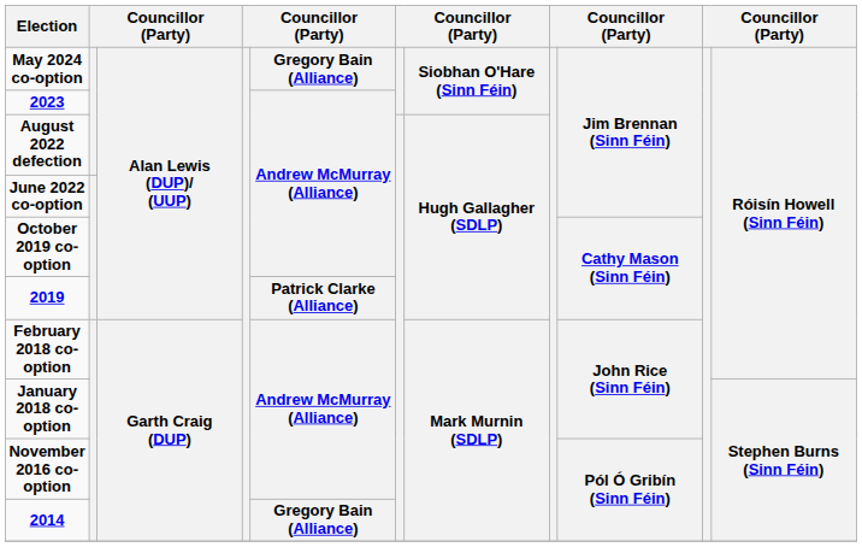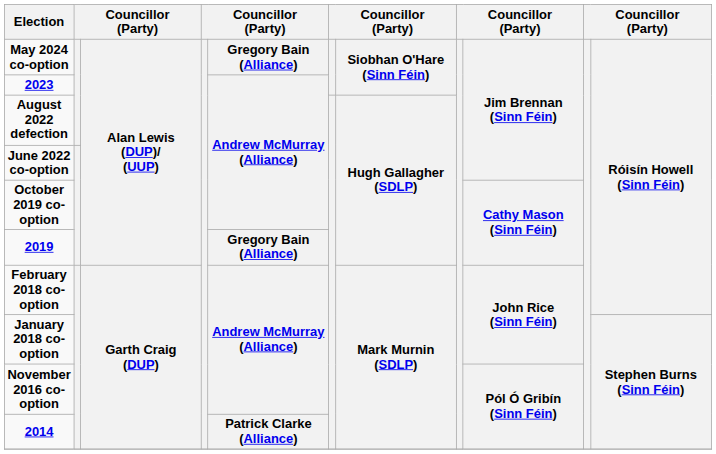 <table class="wikitable" style="text-align:center">
 <tr>
 <th scope="col" width="50">Election</th>
 <th scope="col" width="150" colspan = "2">Councillor<br> (Party)</th>
 <th scope="col" width="150" colspan = "2">Councillor<br> (Party)</th>
 <th scope="col" width="150" colspan = "2">Councillor<br> (Party)</th>
 <th scope="col" width="150" colspan = "2">Councillor<br> (Party)</th>
 <th scope="col" width="150" colspan = "2">Councillor<br> (Party)</th>
 </tr>
 <tr>
 <td><strong>May 2024 co-option</strong></td>
 <th rowspan="3" width="1" style="background-color: "></th>
 <th rowspan = "6">Alan Lewis <br> (<a href='#'>DUP</a>)/ <br> (<a href='#'>UUP</a>)</th>
 <th rowspan="10" width="1" style="background-color: "></th>
 <th rowspan = "1">Gregory Bain <br> (<a href='#'>Alliance</a>)</th>
 <th rowspan="2" width="1" style="background-color: "></th>
 <th rowspan = "2">Siobhan O'Hare <br> (<a href='#'>Sinn Féin</a>)</th>
 <th rowspan="10" width="1" style="background-color: "></th>
 <th rowspan = "4">Jim Brennan <br> (<a href='#'>Sinn Féin</a>)</th>
 <th rowspan="10" width="1" style="background-color: "></th>
 <th rowspan = "7">Róisín Howell <br> (<a href='#'>Sinn Féin</a>)</th>
 </tr>
 <tr>
 <td><strong><a href='#'>2023</a></strong></td>
 <th rowspan = "4"><a href='#'>Andrew McMurray</a> <br> (<a href='#'>Alliance</a>)</th>
 </tr>
 <tr>
 <td><strong>August 2022 defection</strong></td>
 <th rowspan="8" width="1" style="background-color: "></th>
 <th rowspan = "4">Hugh Gallagher <br> (<a href='#'>SDLP</a>)</th>
 </tr>
 <tr>
 <td><strong>June 2022 co-option</strong></td>
 <th rowspan="3" width="1" style="background-color: "></th>
 </tr>
 <tr>
 <td><strong>October 2019 co-option</strong></td>
 <th rowspan = "2"><a href='#'>Cathy Mason</a> <br> (<a href='#'>Sinn Féin</a>)</th>
 </tr>
 <tr>
 <td><strong><a href='#'>2019</a></strong></td>
-<th rowspan = "1">Patrick Clarke <br> (<a href='#'>Alliance</a>)</th>
+<th rowspan = "1">Gregory Bain <br> (<a href='#'>Alliance</a>)</th>
 </tr>
 <tr>
 <td><strong>February 2018 co-option</strong></td>
 <th rowspan="4" width="1" style="background-color: "></th>
 <th rowspan = "4">Garth Craig <br> (<a href='#'>DUP</a>)</th>
 <th rowspan = "3"><a href='#'>Andrew McMurray</a> <br> (<a href='#'>Alliance</a>)</th>
 <th rowspan = "4">Mark Murnin <br> (<a href='#'>SDLP</a>)</th>
 <th rowspan = "2">John Rice <br> (<a href='#'>Sinn Féin</a>)</th>
 </tr>
 <tr>
 <td><strong>January 2018 co-option</strong></td>
 <th rowspan = "3">Stephen Burns <br> (<a href='#'>Sinn Féin</a>)</th>
 </tr>
 <tr>
 <td><strong>November 2016 co-option</strong></td>
 <th rowspan = "2">Pól Ó Gribín <br> (<a href='#'>Sinn Féin</a>)</th>
 </tr>
 <tr>
 <td><strong><a href='#'>2014</a></strong></td>
-<th rowspan = "1">Gregory Bain <br> (<a href='#'>Alliance</a>)</th>
+<th rowspan = "1">Patrick Clarke <br> (<a href='#'>Alliance</a>)</th>
 </tr>
 <tr>
 </tr>
 </table>
